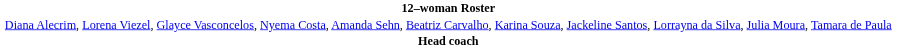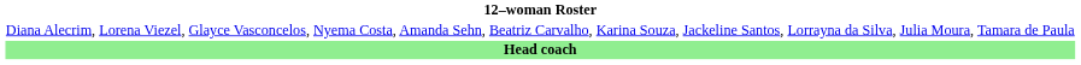 <table style="text-align:center; margin-top:2em; margin-left:auto; margin-right:auto">
 <tr>
 <td><strong>12–woman Roster</strong></td>
 </tr>
 <tr>
 <td><a href='#'>Diana Alecrim</a>, <a href='#'>Lorena Viezel</a>, <a href='#'>Glayce Vasconcelos</a>, <a href='#'>Nyema Costa</a>, <a href='#'>Amanda Sehn</a>, <a href='#'>Beatriz Carvalho</a>, <a href='#'>Karina Souza</a>, <a href='#'>Jackeline Santos</a>, <a href='#'>Lorrayna da Silva</a>, <a href='#'>Julia Moura</a>, <a href='#'>Tamara de Paula</a></td>
 </tr>
 <tr>
-<td><strong>Head coach</strong></td>
+<td style="background: lightgreen;"><strong>Head coach</strong></td>
 </tr>
 <tr>
 <td></td>
 </tr>
 </table>
